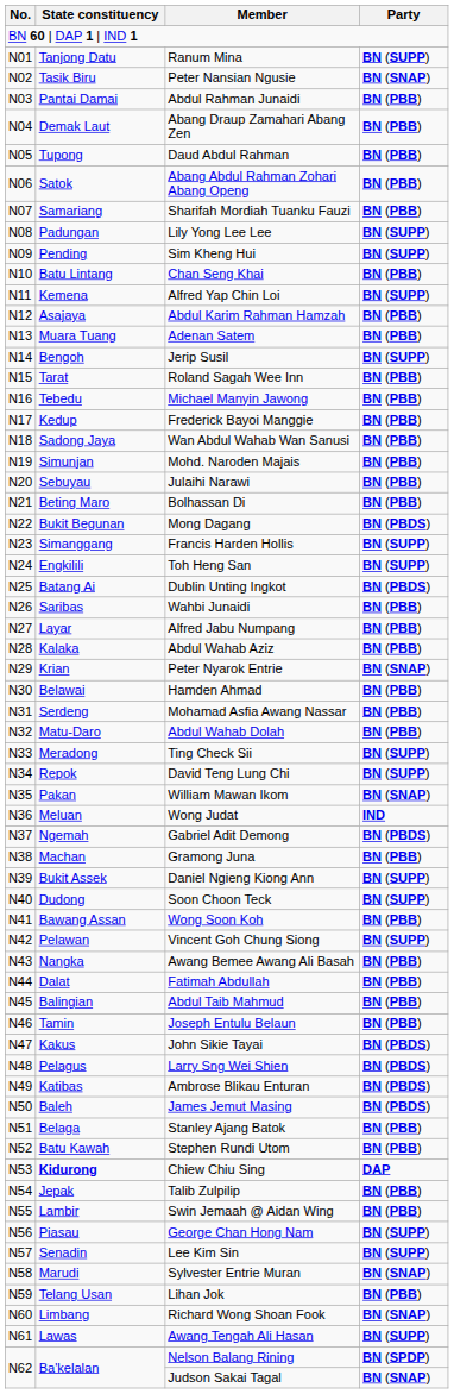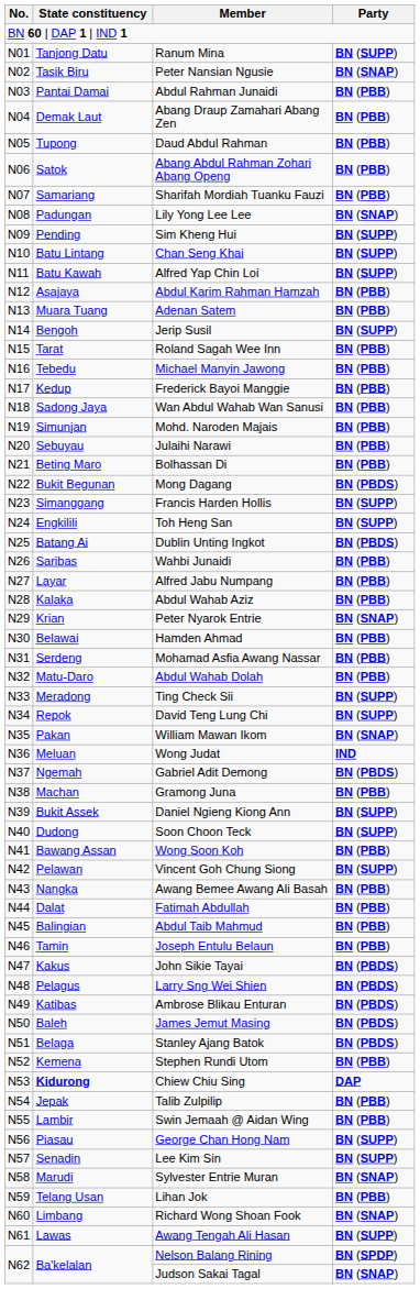 <table class="wikitable sortable">
 <tr>
 <th style="width:30px;">No.</th>
 <th style="width:150px;">State constituency</th>
 <th style="width:230px;">Member</th>
 <th style="width:100px;">Party</th>
 </tr>
 <tr>
 <td colspan="4"><a href='#'>BN</a> <strong>60</strong> | <a href='#'>DAP</a> <strong>1</strong> | <a href='#'>IND</a> <strong>1</strong></td>
 </tr>
 <tr>
 <td>N01</td>
 <td><a href='#'>Tanjong Datu</a></td>
 <td>Ranum Mina</td>
 <td><strong><a href='#'>BN</a></strong> (<strong><a href='#'>SUPP</a></strong>)</td>
 </tr>
 <tr>
 <td>N02</td>
 <td><a href='#'>Tasik Biru</a></td>
 <td>Peter Nansian Ngusie</td>
 <td><strong><a href='#'>BN</a></strong> (<strong><a href='#'>SNAP</a></strong>)</td>
 </tr>
 <tr>
 <td>N03</td>
 <td><a href='#'>Pantai Damai</a></td>
 <td>Abdul Rahman Junaidi</td>
 <td><strong><a href='#'>BN</a></strong> (<strong><a href='#'>PBB</a></strong>)</td>
 </tr>
 <tr>
 <td>N04</td>
 <td><a href='#'>Demak Laut</a></td>
 <td>Abang Draup Zamahari Abang Zen</td>
 <td><strong><a href='#'>BN</a></strong> (<strong><a href='#'>PBB</a></strong>)</td>
 </tr>
 <tr>
 <td>N05</td>
 <td><a href='#'>Tupong</a></td>
 <td>Daud Abdul Rahman</td>
 <td><strong><a href='#'>BN</a></strong> (<strong><a href='#'>PBB</a></strong>)</td>
 </tr>
 <tr>
 <td>N06</td>
 <td><a href='#'>Satok</a></td>
 <td><a href='#'>Abang Abdul Rahman Zohari Abang Openg</a></td>
 <td><strong><a href='#'>BN</a></strong> (<strong><a href='#'>PBB</a></strong>)</td>
 </tr>
 <tr>
 <td>N07</td>
 <td><a href='#'>Samariang</a></td>
 <td>Sharifah Mordiah Tuanku Fauzi</td>
 <td><strong><a href='#'>BN</a></strong> (<strong><a href='#'>PBB</a></strong>)</td>
 </tr>
 <tr>
 <td>N08</td>
 <td><a href='#'>Padungan</a></td>
 <td>Lily Yong Lee Lee</td>
-<td><strong><a href='#'>BN</a></strong> (<strong><a href='#'>SUPP</a></strong>)</td>
+<td><strong><a href='#'>BN</a></strong> (<strong><a href='#'>SNAP</a></strong>)</td>
 </tr>
 <tr>
 <td>N09</td>
 <td><a href='#'>Pending</a></td>
 <td>Sim Kheng Hui</td>
 <td><strong><a href='#'>BN</a></strong> (<strong><a href='#'>SUPP</a></strong>)</td>
 </tr>
 <tr>
 <td>N10</td>
 <td><a href='#'>Batu Lintang</a></td>
 <td><a href='#'>Chan Seng Khai</a></td>
-<td><strong><a href='#'>BN</a></strong> (<strong><a href='#'>PBB</a></strong>)</td>
+<td><strong><a href='#'>BN</a></strong> (<strong><a href='#'>SUPP</a></strong>)</td>
 </tr>
 <tr>
 <td>N11</td>
-<td><a href='#'>Kemena</a></td>
+<td><a href='#'>Batu Kawah</a></td>
 <td>Alfred Yap Chin Loi</td>
 <td><strong><a href='#'>BN</a></strong> (<strong><a href='#'>SUPP</a></strong>)</td>
 </tr>
 <tr>
 <td>N12</td>
 <td><a href='#'>Asajaya</a></td>
 <td><a href='#'>Abdul Karim Rahman Hamzah</a></td>
 <td><strong><a href='#'>BN</a></strong> (<strong><a href='#'>PBB</a></strong>)</td>
 </tr>
 <tr>
 <td>N13</td>
 <td><a href='#'>Muara Tuang</a></td>
 <td><a href='#'>Adenan Satem</a></td>
 <td><strong><a href='#'>BN</a></strong> (<strong><a href='#'>PBB</a></strong>)</td>
 </tr>
 <tr>
 <td>N14</td>
 <td><a href='#'>Bengoh</a></td>
 <td>Jerip Susil</td>
 <td><strong><a href='#'>BN</a></strong> (<strong><a href='#'>SUPP</a></strong>)</td>
 </tr>
 <tr>
 <td>N15</td>
 <td><a href='#'>Tarat</a></td>
 <td>Roland Sagah Wee Inn</td>
 <td><strong><a href='#'>BN</a></strong> (<strong><a href='#'>PBB</a></strong>)</td>
 </tr>
 <tr>
 <td>N16</td>
 <td><a href='#'>Tebedu</a></td>
 <td><a href='#'>Michael Manyin Jawong</a></td>
 <td><strong><a href='#'>BN</a></strong> (<strong><a href='#'>PBB</a></strong>)</td>
 </tr>
 <tr>
 <td>N17</td>
 <td><a href='#'>Kedup</a></td>
 <td>Frederick Bayoi Manggie</td>
 <td><strong><a href='#'>BN</a></strong> (<strong><a href='#'>PBB</a></strong>)</td>
 </tr>
 <tr>
 <td>N18</td>
 <td><a href='#'>Sadong Jaya</a></td>
 <td>Wan Abdul Wahab Wan Sanusi</td>
 <td><strong><a href='#'>BN</a></strong> (<strong><a href='#'>PBB</a></strong>)</td>
 </tr>
 <tr>
 <td>N19</td>
 <td><a href='#'>Simunjan</a></td>
 <td>Mohd. Naroden Majais</td>
 <td><strong><a href='#'>BN</a></strong> (<strong><a href='#'>PBB</a></strong>)</td>
 </tr>
 <tr>
 <td>N20</td>
 <td><a href='#'>Sebuyau</a></td>
 <td>Julaihi Narawi</td>
 <td><strong><a href='#'>BN</a></strong> (<strong><a href='#'>PBB</a></strong>)</td>
 </tr>
 <tr>
 <td>N21</td>
 <td><a href='#'>Beting Maro</a></td>
 <td>Bolhassan Di</td>
 <td><strong><a href='#'>BN</a></strong> (<strong><a href='#'>PBB</a></strong>)</td>
 </tr>
 <tr>
 <td>N22</td>
 <td><a href='#'>Bukit Begunan</a></td>
 <td>Mong Dagang</td>
 <td><strong><a href='#'>BN</a></strong> (<strong><a href='#'>PBDS</a></strong>)</td>
 </tr>
 <tr>
 <td>N23</td>
 <td><a href='#'>Simanggang</a></td>
 <td>Francis Harden Hollis</td>
 <td><strong><a href='#'>BN</a></strong> (<strong><a href='#'>SUPP</a></strong>)</td>
 </tr>
 <tr>
 <td>N24</td>
 <td><a href='#'>Engkilili</a></td>
 <td>Toh Heng San</td>
 <td><strong><a href='#'>BN</a></strong> (<strong><a href='#'>SUPP</a></strong>)</td>
 </tr>
 <tr>
 <td>N25</td>
 <td><a href='#'>Batang Ai</a></td>
 <td>Dublin Unting Ingkot</td>
 <td><strong><a href='#'>BN</a></strong> (<strong><a href='#'>PBDS</a></strong>)</td>
 </tr>
 <tr>
 <td>N26</td>
 <td><a href='#'>Saribas</a></td>
 <td>Wahbi Junaidi</td>
 <td><strong><a href='#'>BN</a></strong> (<strong><a href='#'>PBB</a></strong>)</td>
 </tr>
 <tr>
 <td>N27</td>
 <td><a href='#'>Layar</a></td>
 <td>Alfred Jabu Numpang</td>
 <td><strong><a href='#'>BN</a></strong> (<strong><a href='#'>PBB</a></strong>)</td>
 </tr>
 <tr>
 <td>N28</td>
 <td><a href='#'>Kalaka</a></td>
 <td>Abdul Wahab Aziz</td>
 <td><strong><a href='#'>BN</a></strong> (<strong><a href='#'>PBB</a></strong>)</td>
 </tr>
 <tr>
 <td>N29</td>
 <td><a href='#'>Krian</a></td>
 <td>Peter Nyarok Entrie</td>
 <td><strong><a href='#'>BN</a></strong> (<strong><a href='#'>SNAP</a></strong>)</td>
 </tr>
 <tr>
 <td>N30</td>
 <td><a href='#'>Belawai</a></td>
 <td>Hamden Ahmad</td>
 <td><strong><a href='#'>BN</a></strong> (<strong><a href='#'>PBB</a></strong>)</td>
 </tr>
 <tr>
 <td>N31</td>
 <td><a href='#'>Serdeng</a></td>
 <td>Mohamad Asfia Awang Nassar</td>
 <td><strong><a href='#'>BN</a></strong> (<strong><a href='#'>PBB</a></strong>)</td>
 </tr>
 <tr>
 <td>N32</td>
 <td><a href='#'>Matu-Daro</a></td>
 <td><a href='#'>Abdul Wahab Dolah</a></td>
 <td><strong><a href='#'>BN</a></strong> (<strong><a href='#'>PBB</a></strong>)</td>
 </tr>
 <tr>
 <td>N33</td>
 <td><a href='#'>Meradong</a></td>
 <td>Ting Check Sii</td>
 <td><strong><a href='#'>BN</a></strong> (<strong><a href='#'>SUPP</a></strong>)</td>
 </tr>
 <tr>
 <td>N34</td>
 <td><a href='#'>Repok</a></td>
 <td>David Teng Lung Chi</td>
 <td><strong><a href='#'>BN</a></strong> (<strong><a href='#'>SUPP</a></strong>)</td>
 </tr>
 <tr>
 <td>N35</td>
 <td><a href='#'>Pakan</a></td>
 <td>William Mawan Ikom</td>
 <td><strong><a href='#'>BN</a></strong> (<strong><a href='#'>SNAP</a></strong>)</td>
 </tr>
 <tr>
 <td>N36</td>
 <td><a href='#'>Meluan</a></td>
 <td>Wong Judat</td>
 <td><strong><a href='#'>IND</a></strong></td>
 </tr>
 <tr>
 <td>N37</td>
 <td><a href='#'>Ngemah</a></td>
 <td>Gabriel Adit Demong</td>
 <td><strong><a href='#'>BN</a></strong> (<strong><a href='#'>PBDS</a></strong>)</td>
 </tr>
 <tr>
 <td>N38</td>
 <td><a href='#'>Machan</a></td>
 <td>Gramong Juna</td>
 <td><strong><a href='#'>BN</a></strong> (<strong><a href='#'>PBB</a></strong>)</td>
 </tr>
 <tr>
 <td>N39</td>
 <td><a href='#'>Bukit Assek</a></td>
 <td>Daniel Ngieng Kiong Ann</td>
 <td><strong><a href='#'>BN</a></strong> (<strong><a href='#'>SUPP</a></strong>)</td>
 </tr>
 <tr>
 <td>N40</td>
 <td><a href='#'>Dudong</a></td>
 <td>Soon Choon Teck</td>
 <td><strong><a href='#'>BN</a></strong> (<strong><a href='#'>SUPP</a></strong>)</td>
 </tr>
 <tr>
 <td>N41</td>
 <td><a href='#'>Bawang Assan</a></td>
 <td><a href='#'>Wong Soon Koh</a></td>
 <td><strong><a href='#'>BN</a></strong> (<strong><a href='#'>PBB</a></strong>)</td>
 </tr>
 <tr>
 <td>N42</td>
 <td><a href='#'>Pelawan</a></td>
 <td>Vincent Goh Chung Siong</td>
 <td><strong><a href='#'>BN</a></strong> (<strong><a href='#'>SUPP</a></strong>)</td>
 </tr>
 <tr>
 <td>N43</td>
 <td><a href='#'>Nangka</a></td>
 <td>Awang Bemee Awang Ali Basah</td>
 <td><strong><a href='#'>BN</a></strong> (<strong><a href='#'>PBB</a></strong>)</td>
 </tr>
 <tr>
 <td>N44</td>
 <td><a href='#'>Dalat</a></td>
 <td><a href='#'>Fatimah Abdullah</a></td>
 <td><strong><a href='#'>BN</a></strong> (<strong><a href='#'>PBB</a></strong>)</td>
 </tr>
 <tr>
 <td>N45</td>
 <td><a href='#'>Balingian</a></td>
 <td><a href='#'>Abdul Taib Mahmud</a></td>
 <td><strong><a href='#'>BN</a></strong> (<strong><a href='#'>PBB</a></strong>)</td>
 </tr>
 <tr>
 <td>N46</td>
 <td><a href='#'>Tamin</a></td>
 <td><a href='#'>Joseph Entulu Belaun</a></td>
 <td><strong><a href='#'>BN</a></strong> (<strong><a href='#'>PBB</a></strong>)</td>
 </tr>
 <tr>
 <td>N47</td>
 <td><a href='#'>Kakus</a></td>
 <td>John Sikie Tayai</td>
 <td><strong><a href='#'>BN</a></strong> (<strong><a href='#'>PBDS</a></strong>)</td>
 </tr>
 <tr>
 <td>N48</td>
 <td><a href='#'>Pelagus</a></td>
 <td><a href='#'>Larry Sng Wei Shien</a></td>
 <td><strong><a href='#'>BN</a></strong> (<strong><a href='#'>PBDS</a></strong>)</td>
 </tr>
 <tr>
 <td>N49</td>
 <td><a href='#'>Katibas</a></td>
 <td>Ambrose Blikau Enturan</td>
 <td><strong><a href='#'>BN</a></strong> (<strong><a href='#'>PBDS</a></strong>)</td>
 </tr>
 <tr>
 <td>N50</td>
 <td><a href='#'>Baleh</a></td>
 <td><a href='#'>James Jemut Masing</a></td>
 <td><strong><a href='#'>BN</a></strong> (<strong><a href='#'>PBDS</a></strong>)</td>
 </tr>
 <tr>
 <td>N51</td>
 <td><a href='#'>Belaga</a></td>
 <td>Stanley Ajang Batok</td>
-<td><strong><a href='#'>BN</a></strong> (<strong><a href='#'>PBB</a></strong>)</td>
+<td><strong><a href='#'>BN</a></strong> (<strong><a href='#'>PBDS</a></strong>)</td>
 </tr>
 <tr>
 <td>N52</td>
-<td><a href='#'>Batu Kawah</a></td>
+<td><a href='#'>Kemena</a></td>
 <td>Stephen Rundi Utom</td>
 <td><strong><a href='#'>BN</a></strong> (<strong><a href='#'>PBB</a></strong>)</td>
 </tr>
 <tr>
 <td>N53</td>
 <td><strong><a href='#'>Kidurong</a></strong></td>
 <td>Chiew Chiu Sing</td>
 <td><strong><a href='#'>DAP</a></strong></td>
 </tr>
 <tr>
 <td>N54</td>
 <td><a href='#'>Jepak</a></td>
 <td>Talib Zulpilip</td>
 <td><strong><a href='#'>BN</a></strong> (<strong><a href='#'>PBB</a></strong>)</td>
 </tr>
 <tr>
 <td>N55</td>
 <td><a href='#'>Lambir</a></td>
 <td>Swin Jemaah @ Aidan Wing</td>
 <td><strong><a href='#'>BN</a></strong> (<strong><a href='#'>PBB</a></strong>)</td>
 </tr>
 <tr>
 <td>N56</td>
 <td><a href='#'>Piasau</a></td>
 <td><a href='#'>George Chan Hong Nam</a></td>
 <td><strong><a href='#'>BN</a></strong> (<strong><a href='#'>SUPP</a></strong>)</td>
 </tr>
 <tr>
 <td>N57</td>
 <td><a href='#'>Senadin</a></td>
 <td>Lee Kim Sin</td>
 <td><strong><a href='#'>BN</a></strong> (<strong><a href='#'>SUPP</a></strong>)</td>
 </tr>
 <tr>
 <td>N58</td>
 <td><a href='#'>Marudi</a></td>
 <td>Sylvester Entrie Muran</td>
 <td><strong><a href='#'>BN</a></strong> (<strong><a href='#'>SNAP</a></strong>)</td>
 </tr>
 <tr>
 <td>N59</td>
 <td><a href='#'>Telang Usan</a></td>
 <td>Lihan Jok</td>
 <td><strong><a href='#'>BN</a></strong> (<strong><a href='#'>PBB</a></strong>)</td>
 </tr>
 <tr>
 <td>N60</td>
 <td><a href='#'>Limbang</a></td>
 <td>Richard Wong Shoan Fook</td>
 <td><strong><a href='#'>BN</a></strong> (<strong><a href='#'>SNAP</a></strong>)</td>
 </tr>
 <tr>
 <td>N61</td>
 <td><a href='#'>Lawas</a></td>
 <td><a href='#'>Awang Tengah Ali Hasan</a></td>
 <td><strong><a href='#'>BN</a></strong> (<strong><a href='#'>SUPP</a></strong>)</td>
 </tr>
 <tr>
 <td rowspan=2>N62</td>
 <td rowspan=2><a href='#'>Ba'kelalan</a></td>
 <td><a href='#'>Nelson Balang Rining</a><br></td>
 <td><strong><a href='#'>BN</a></strong> (<strong><a href='#'>SPDP</a></strong>)</td>
 </tr>
 <tr>
 <td>Judson Sakai Tagal </td>
 <td><strong><a href='#'>BN</a></strong> (<strong><a href='#'>SNAP</a></strong>)</td>
 </tr>
 </table>
